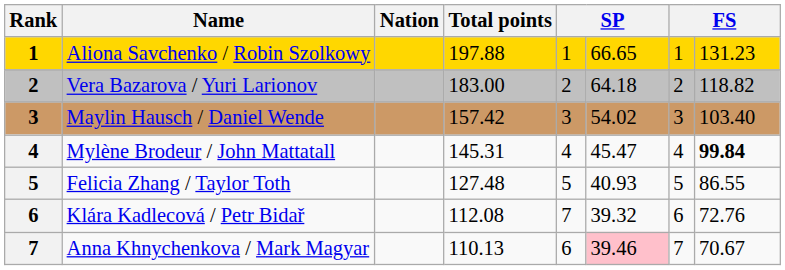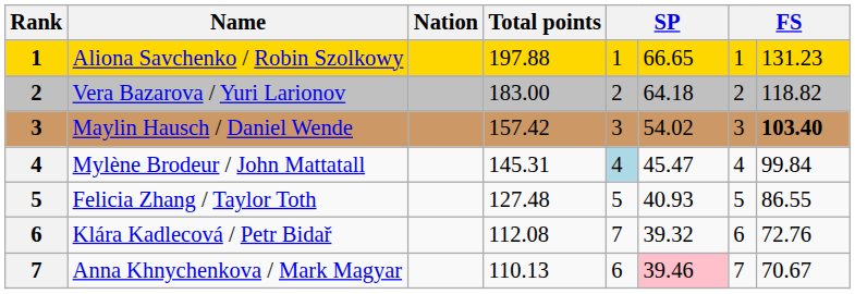 <table class="wikitable sortable">
 <tr>
 <th>Rank</th>
 <th>Name</th>
 <th>Nation</th>
 <th>Total points</th>
 <th colspan="2" width="80px"><a href='#'>SP</a></th>
 <th colspan="2" width="80px"><a href='#'>FS</a></th>
 </tr>
 <tr bgcolor="gold">
 <td align="center"><strong>1</strong></td>
 <td><a href='#'>Aliona Savchenko</a> / <a href='#'>Robin Szolkowy</a></td>
 <td></td>
 <td>197.88</td>
 <td>1</td>
 <td>66.65</td>
 <td>1</td>
 <td>131.23</td>
 </tr>
 <tr bgcolor="silver">
 <td align="center"><strong>2</strong></td>
 <td><a href='#'>Vera Bazarova</a> / <a href='#'>Yuri Larionov</a></td>
 <td></td>
 <td>183.00</td>
 <td>2</td>
 <td>64.18</td>
 <td>2</td>
 <td>118.82</td>
 </tr>
 <tr bgcolor="cc9966">
 <td align="center"><strong>3</strong></td>
 <td><a href='#'>Maylin Hausch</a> / <a href='#'>Daniel Wende</a></td>
 <td></td>
 <td>157.42</td>
 <td>3</td>
 <td>54.02</td>
 <td>3</td>
-<td>103.40</td>
+<td><strong>103.40</strong></td>
 </tr>
 <tr>
 <th>4</th>
 <td><a href='#'>Mylène Brodeur</a> / <a href='#'>John Mattatall</a></td>
 <td></td>
 <td>145.31</td>
-<td>4</td>
+<td style="background: lightblue;">4</td>
 <td>45.47</td>
 <td>4</td>
-<td><strong>99.84</strong></td>
+<td>99.84</td>
 </tr>
 <tr>
 <th>5</th>
 <td><a href='#'>Felicia Zhang</a> / <a href='#'>Taylor Toth</a></td>
 <td></td>
 <td>127.48</td>
 <td>5</td>
 <td>40.93</td>
 <td>5</td>
 <td>86.55</td>
 </tr>
 <tr>
 <th>6</th>
 <td><a href='#'>Klára Kadlecová</a> / <a href='#'>Petr Bidař</a></td>
 <td></td>
 <td>112.08</td>
 <td>7</td>
 <td>39.32</td>
 <td>6</td>
 <td>72.76</td>
 </tr>
 <tr>
 <th>7</th>
 <td><a href='#'>Anna Khnychenkova</a> / <a href='#'>Mark Magyar</a></td>
 <td></td>
 <td>110.13</td>
 <td>6</td>
 <td style="background: pink;">39.46</td>
 <td>7</td>
 <td>70.67</td>
 </tr>
 </table>
